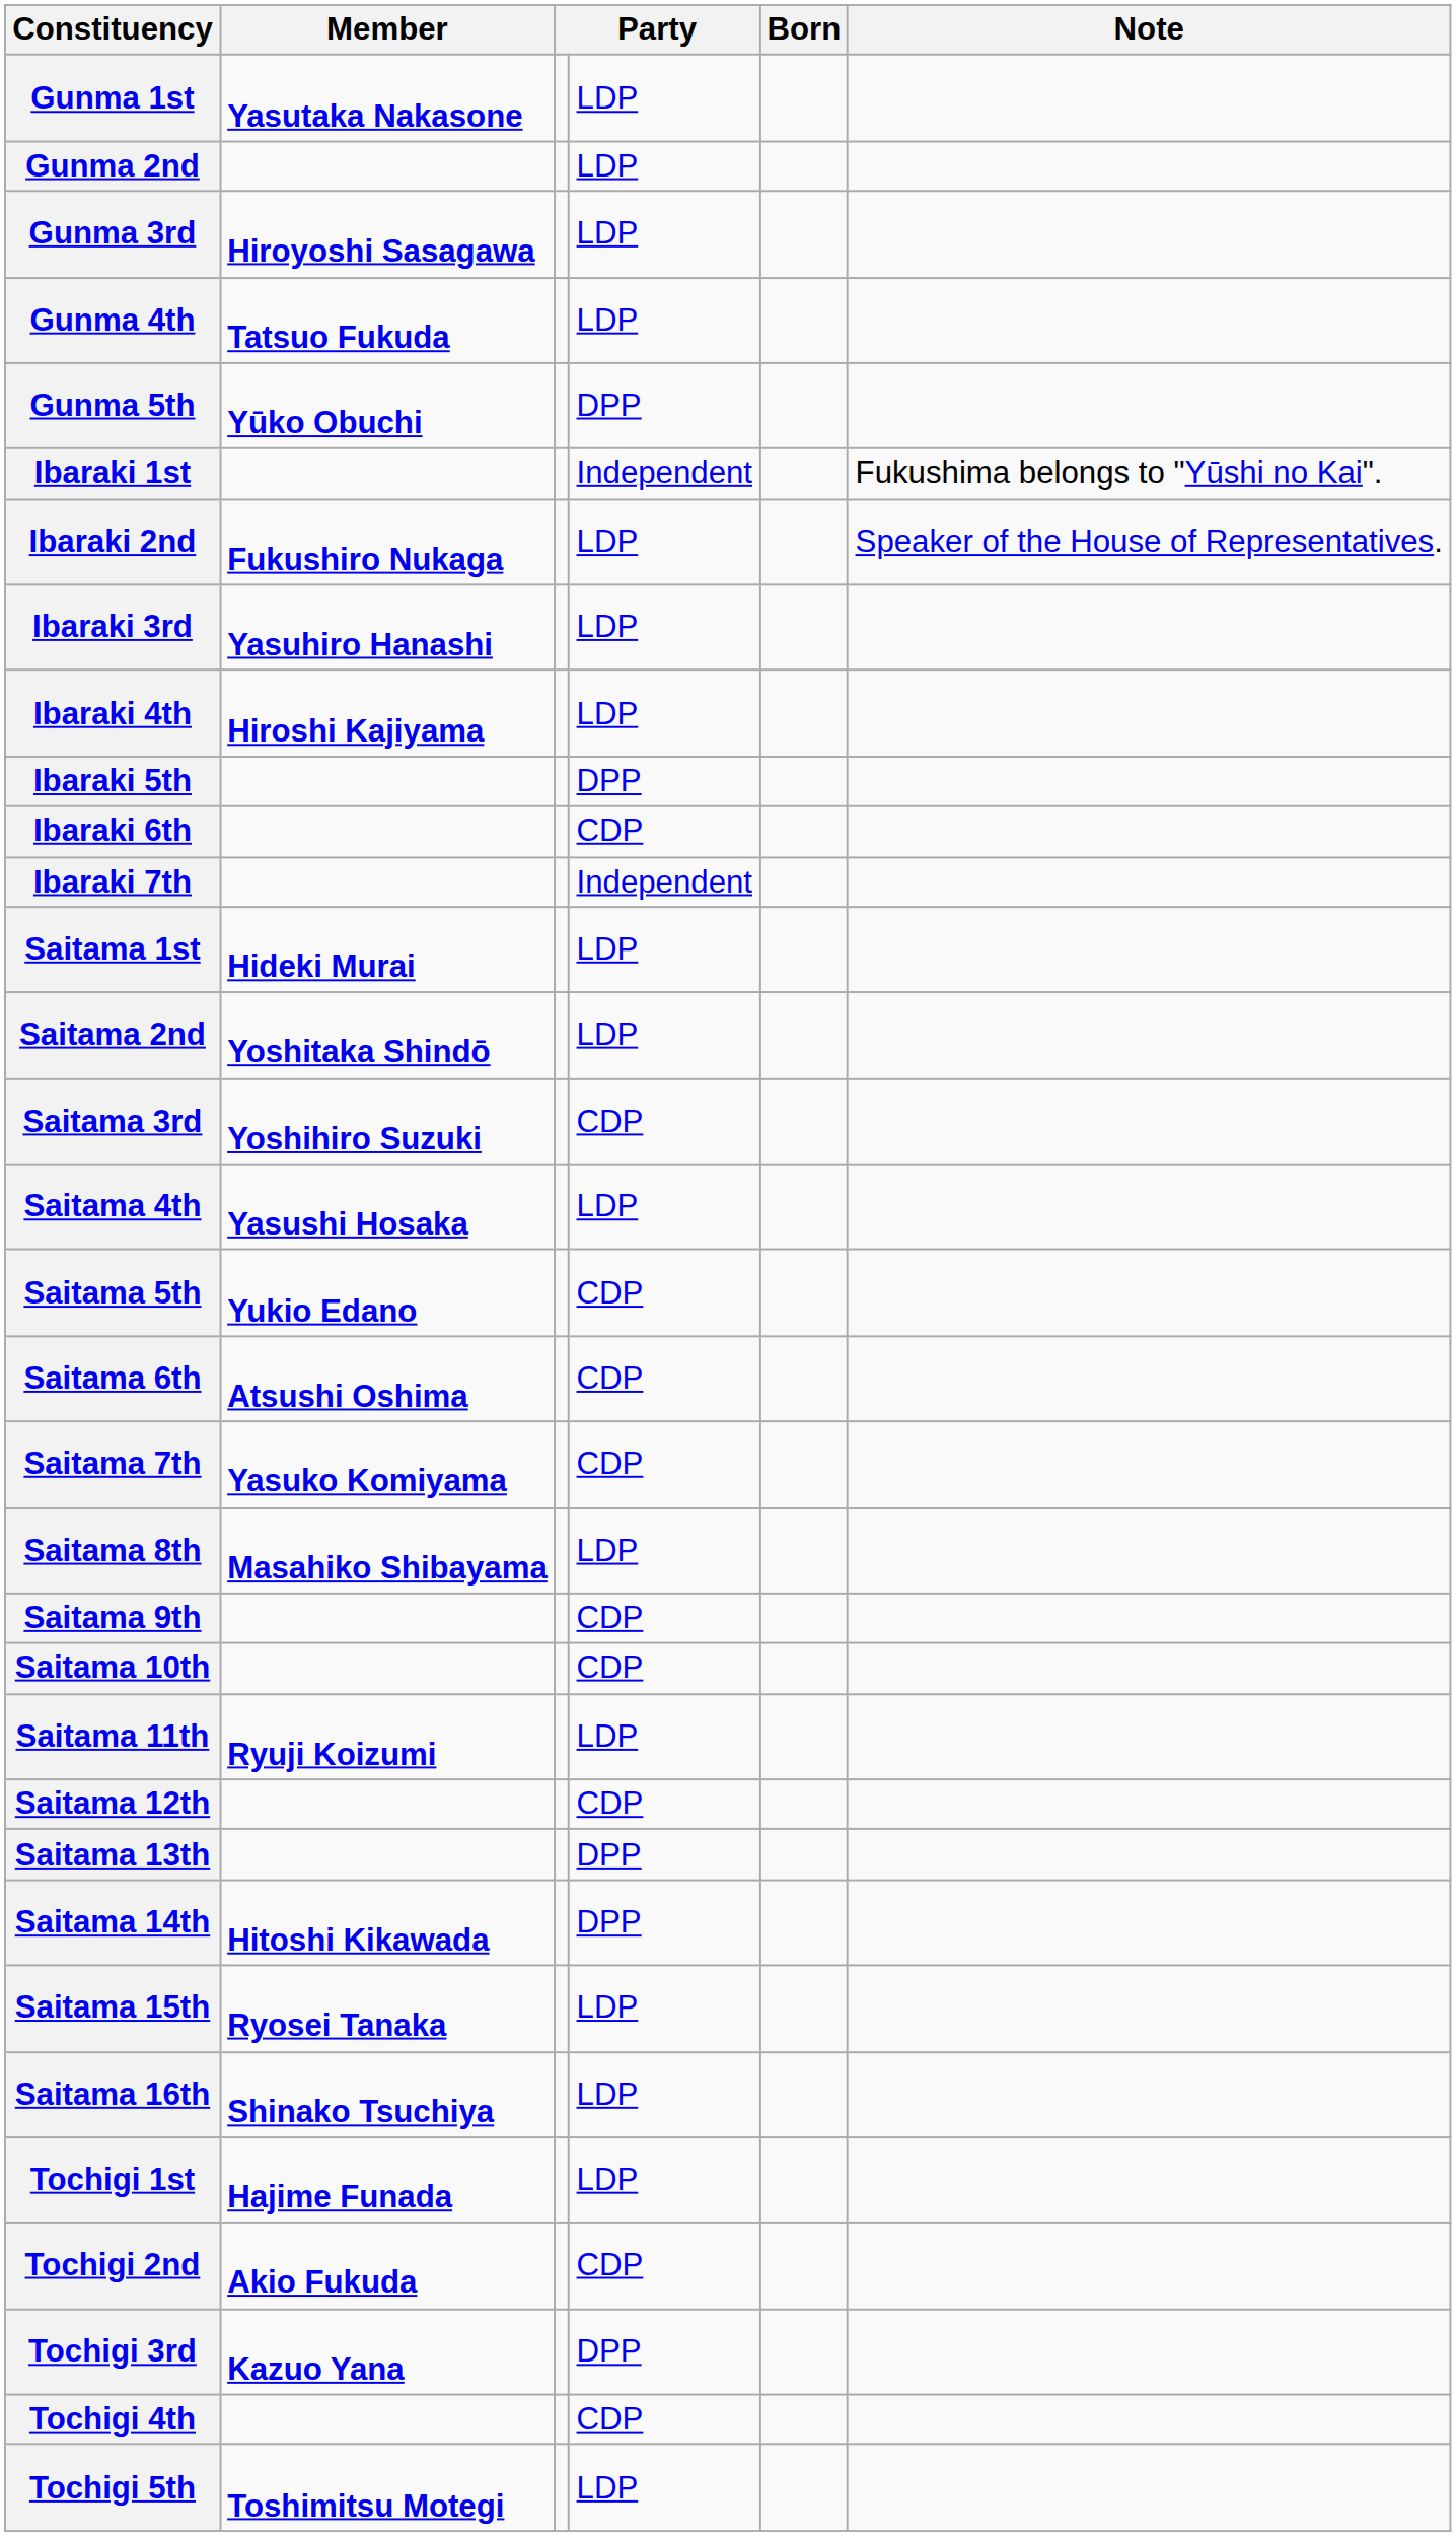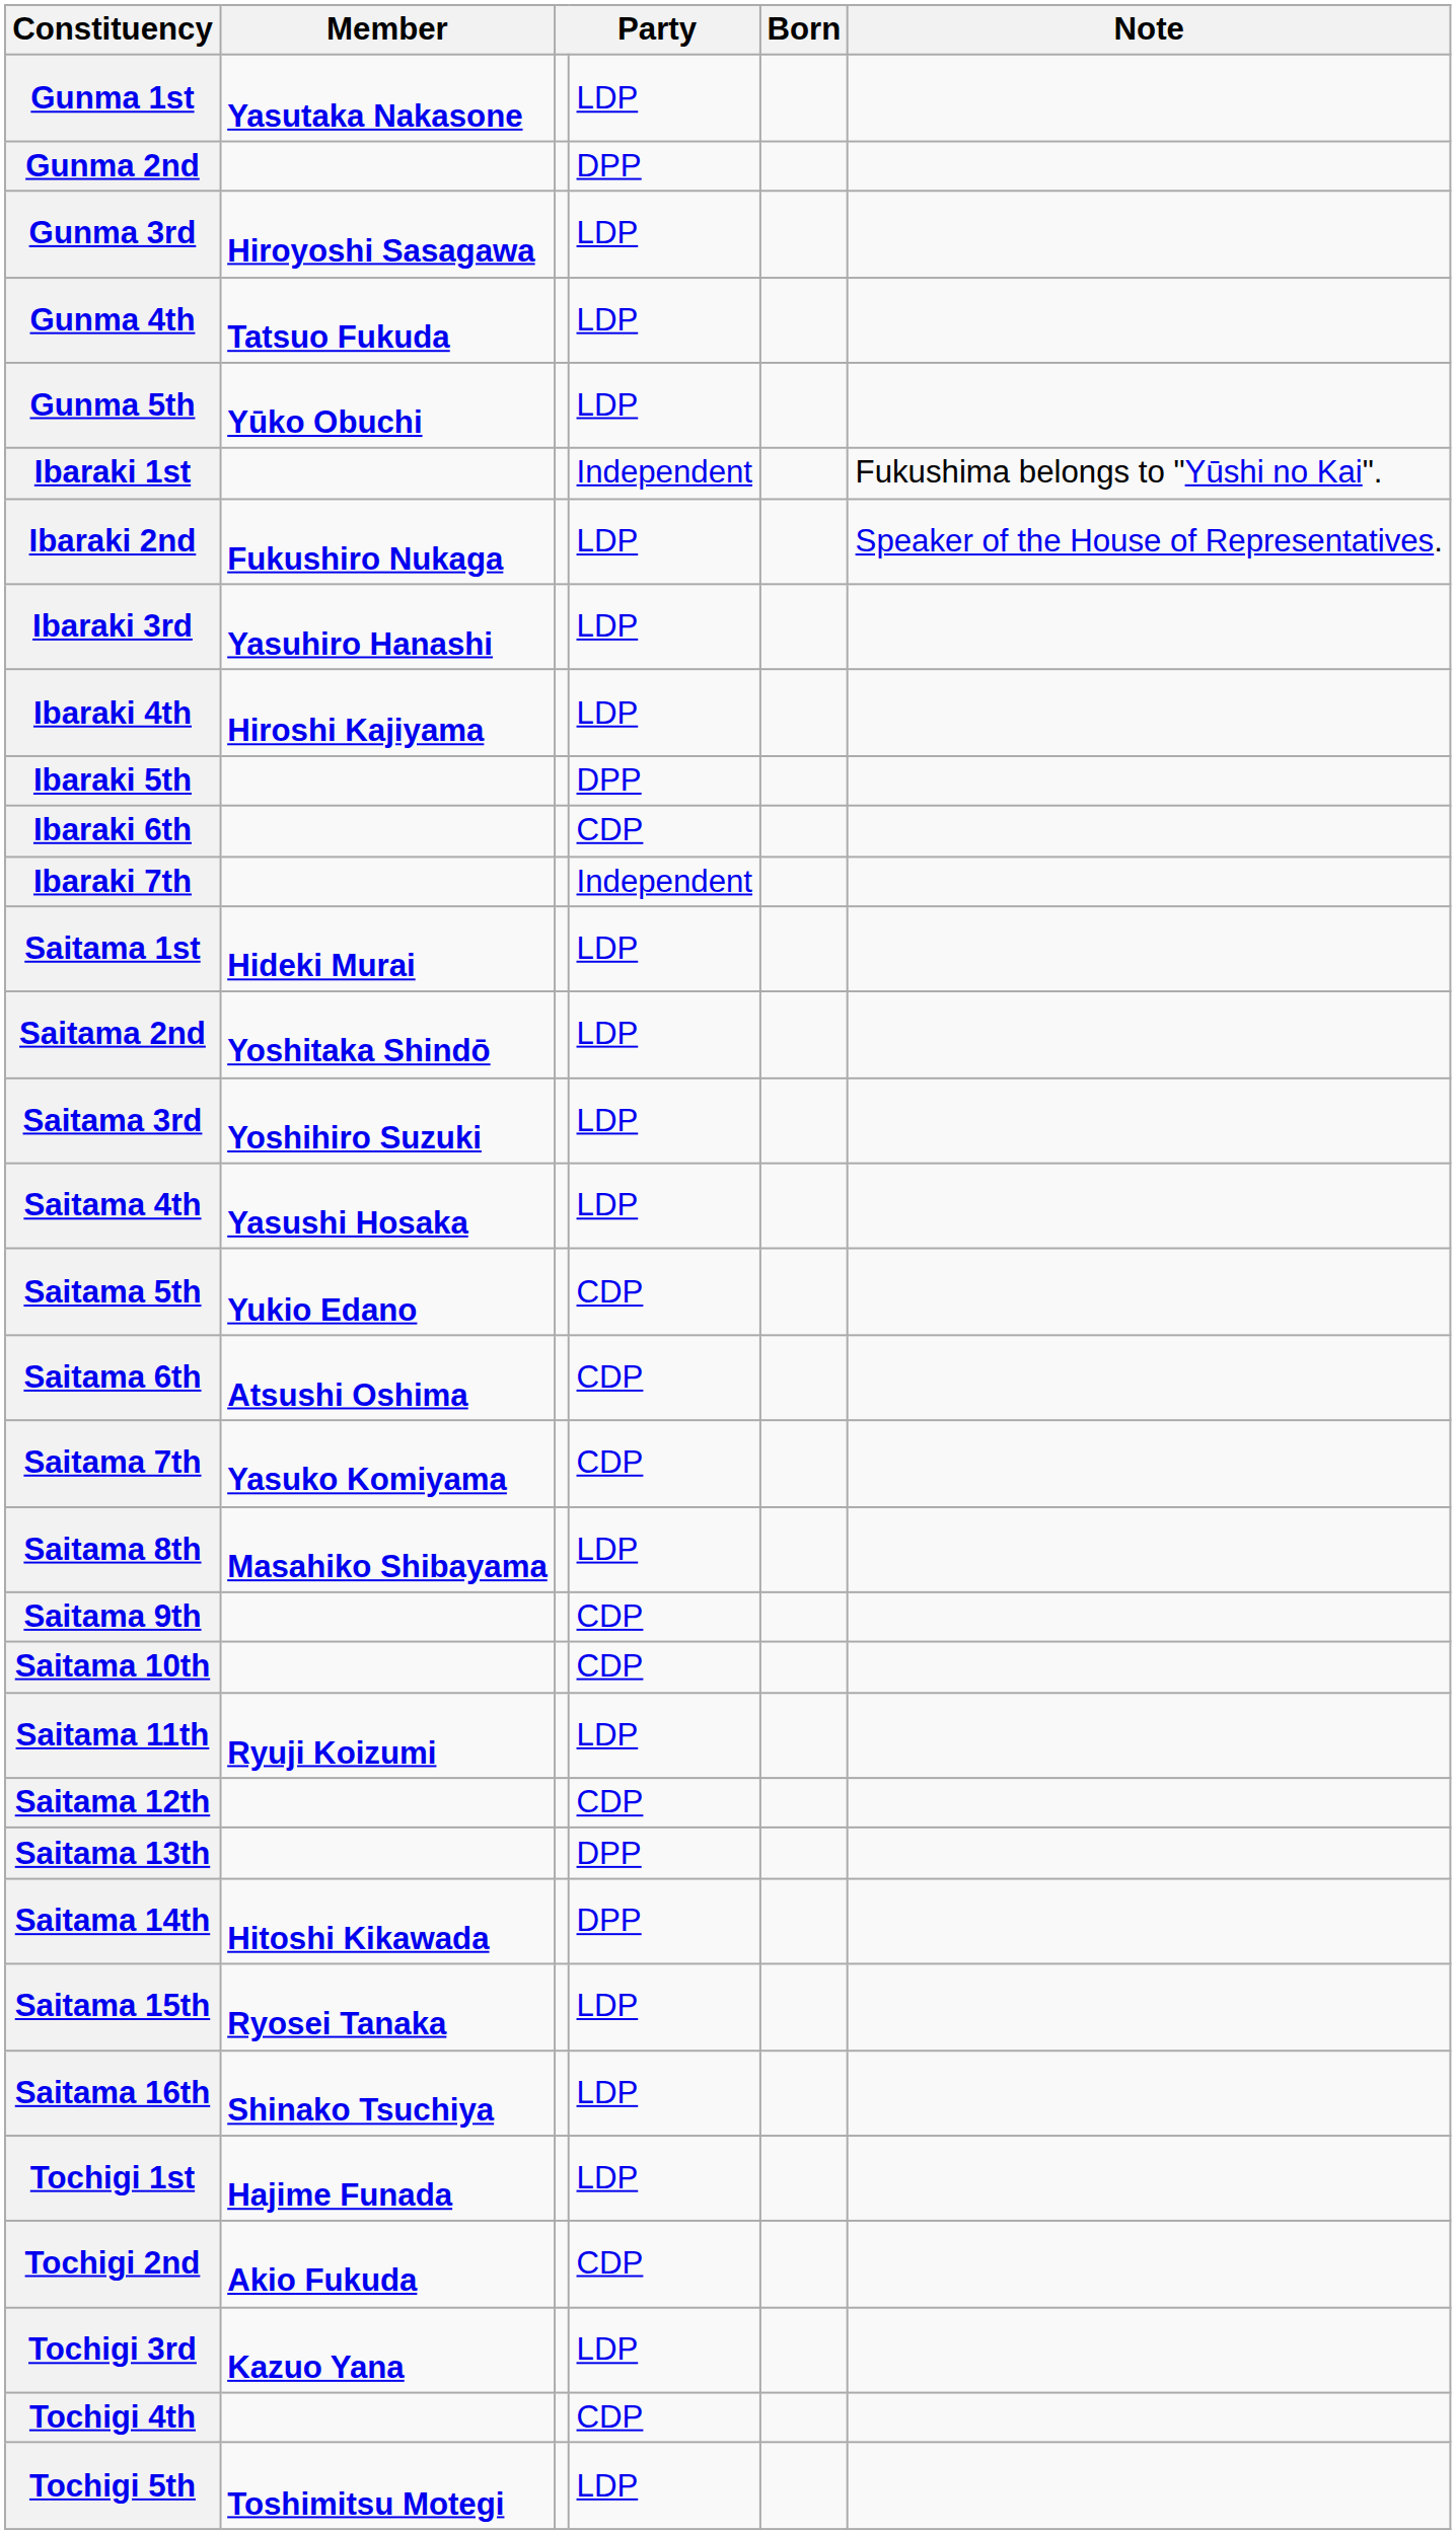 <table class="wikitable sortable plainrowheaders" id="votingmembers">
 <tr style="vertical-align:bottom">
 <th>Constituency</th>
 <th>Member</th>
 <th colspan=2>Party</th>
 <th>Born</th>
 <th>Note</th>
 </tr>
 <tr>
 <th><a href='#'>Gunma 1st</a></th>
 <td><br><strong><a href='#'>Yasutaka Nakasone</a></strong></td>
 <td style="background-color:"></td>
 <td><a href='#'>LDP</a></td>
 <td></td>
 <td></td>
 </tr>
 <tr>
 <th><a href='#'>Gunma 2nd</a></th>
 <td><br><strong></strong></td>
 <td style="background-color:"></td>
-<td><a href='#'>LDP</a></td>
+<td><a href='#'>DPP</a></td>
 <td></td>
 <td></td>
 </tr>
 <tr>
 <th><a href='#'>Gunma 3rd</a></th>
 <td><br><strong><a href='#'>Hiroyoshi Sasagawa</a></strong></td>
 <td style="background-color:"></td>
 <td><a href='#'>LDP</a></td>
 <td></td>
 <td></td>
 </tr>
 <tr>
 <th><a href='#'>Gunma 4th</a></th>
 <td><br><strong><a href='#'>Tatsuo Fukuda</a></strong></td>
 <td style="background-color:"></td>
 <td><a href='#'>LDP</a></td>
 <td></td>
 <td></td>
 </tr>
 <tr>
 <th><a href='#'>Gunma 5th</a></th>
 <td><br><strong><a href='#'>Yūko Obuchi</a></strong></td>
 <td style="background-color:"></td>
-<td><a href='#'>DPP</a></td>
+<td><a href='#'>LDP</a></td>
 <td></td>
 <td></td>
 </tr>
 <tr>
 <th><a href='#'>Ibaraki 1st</a></th>
 <td><br><strong></strong></td>
 <td style="background-color:"></td>
 <td><a href='#'>Independent</a></td>
 <td></td>
 <td>Fukushima belongs to "<a href='#'>Yūshi no Kai</a>".</td>
 </tr>
 <tr>
 <th><a href='#'>Ibaraki 2nd</a></th>
 <td><br><strong><a href='#'>Fukushiro Nukaga</a></strong></td>
 <td style="background-color:"></td>
 <td><a href='#'>LDP</a></td>
 <td></td>
 <td><a href='#'>Speaker of the House of Representatives</a>.</td>
 </tr>
 <tr>
 <th><a href='#'>Ibaraki 3rd</a></th>
 <td><br><strong><a href='#'>Yasuhiro Hanashi</a></strong></td>
 <td style="background-color:"></td>
 <td><a href='#'>LDP</a></td>
 <td></td>
 <td></td>
 </tr>
 <tr>
 <th><a href='#'>Ibaraki 4th</a></th>
 <td><br><strong><a href='#'>Hiroshi Kajiyama</a></strong></td>
 <td style="background-color:"></td>
 <td><a href='#'>LDP</a></td>
 <td></td>
 <td></td>
 </tr>
 <tr>
 <th><a href='#'>Ibaraki 5th</a></th>
 <td><br><strong></strong></td>
 <td style="background-color:"></td>
 <td><a href='#'>DPP</a></td>
 <td></td>
 <td></td>
 </tr>
 <tr>
 <th><a href='#'>Ibaraki 6th</a></th>
 <td><strong></strong></td>
 <td style="background-color:"></td>
 <td><a href='#'>CDP</a></td>
 <td></td>
 <td></td>
 </tr>
 <tr>
 <th><a href='#'>Ibaraki 7th</a></th>
 <td><strong></strong></td>
 <td style="background-color:"></td>
 <td><a href='#'>Independent</a></td>
 <td></td>
 <td></td>
 </tr>
 <tr>
 <th><a href='#'>Saitama 1st</a></th>
 <td><br><strong><a href='#'>Hideki Murai</a></strong></td>
 <td style="background-color:"></td>
 <td><a href='#'>LDP</a></td>
 <td></td>
 <td></td>
 </tr>
 <tr>
 <th><a href='#'>Saitama 2nd</a></th>
 <td><br><strong><a href='#'>Yoshitaka Shindō</a></strong></td>
 <td style="background-color:"></td>
 <td><a href='#'>LDP</a></td>
 <td></td>
 <td></td>
 </tr>
 <tr>
 <th><a href='#'>Saitama 3rd</a></th>
 <td><br><strong><a href='#'>Yoshihiro Suzuki</a></strong></td>
 <td style="background-color:"></td>
-<td><a href='#'>CDP</a></td>
+<td><a href='#'>LDP</a></td>
 <td></td>
 <td></td>
 </tr>
 <tr>
 <th><a href='#'>Saitama 4th</a></th>
 <td><br><strong><a href='#'>Yasushi Hosaka</a></strong></td>
 <td style="background-color:"></td>
 <td><a href='#'>LDP</a></td>
 <td></td>
 <td></td>
 </tr>
 <tr>
 <th><a href='#'>Saitama 5th</a></th>
 <td><br><strong><a href='#'>Yukio Edano</a></strong></td>
 <td style="background-color:"></td>
 <td><a href='#'>CDP</a></td>
 <td></td>
 <td></td>
 </tr>
 <tr>
 <th><a href='#'>Saitama 6th</a></th>
 <td><br><strong><a href='#'>Atsushi Oshima</a></strong></td>
 <td style="background-color:"></td>
 <td><a href='#'>CDP</a></td>
 <td></td>
 <td></td>
 </tr>
 <tr>
 <th><a href='#'>Saitama 7th</a></th>
 <td><br><strong><a href='#'>Yasuko Komiyama</a></strong></td>
 <td style="background-color:"></td>
 <td><a href='#'>CDP</a></td>
 <td></td>
 <td></td>
 </tr>
 <tr>
 <th><a href='#'>Saitama 8th</a></th>
 <td><br><strong><a href='#'>Masahiko Shibayama</a></strong></td>
 <td style="background-color:"></td>
 <td><a href='#'>LDP</a></td>
 <td></td>
 <td></td>
 </tr>
 <tr>
 <th><a href='#'>Saitama 9th</a></th>
 <td><strong></strong></td>
 <td style="background-color:"></td>
 <td><a href='#'>CDP</a></td>
 <td></td>
 <td></td>
 </tr>
 <tr>
 <th><a href='#'>Saitama 10th</a></th>
 <td><strong></strong></td>
 <td style="background-color:"></td>
 <td><a href='#'>CDP</a></td>
 <td></td>
 <td></td>
 </tr>
 <tr>
 <th><a href='#'>Saitama 11th</a></th>
 <td><br><strong><a href='#'>Ryuji Koizumi</a></strong></td>
 <td style="background-color:"></td>
 <td><a href='#'>LDP</a></td>
 <td></td>
 <td></td>
 </tr>
 <tr>
 <th><a href='#'>Saitama 12th</a></th>
 <td><strong></strong></td>
 <td style="background-color:"></td>
 <td><a href='#'>CDP</a></td>
 <td></td>
 <td></td>
 </tr>
 <tr>
 <th><a href='#'>Saitama 13th</a></th>
 <td><br><strong></strong></td>
 <td style="background-color:"></td>
 <td><a href='#'>DPP</a></td>
 <td></td>
 <td></td>
 </tr>
 <tr>
 <th><a href='#'>Saitama 14th</a></th>
 <td><br><strong><a href='#'>Hitoshi Kikawada</a></strong></td>
 <td style="background-color:"></td>
 <td><a href='#'>DPP</a></td>
 <td></td>
 <td></td>
 </tr>
 <tr>
 <th><a href='#'>Saitama 15th</a></th>
 <td><br><strong><a href='#'>Ryosei Tanaka</a></strong></td>
 <td style="background-color:"></td>
 <td><a href='#'>LDP</a></td>
 <td></td>
 <td></td>
 </tr>
 <tr>
 <th><a href='#'>Saitama 16th</a></th>
 <td><br><strong><a href='#'>Shinako Tsuchiya</a></strong></td>
 <td style="background-color:"></td>
 <td><a href='#'>LDP</a></td>
 <td></td>
 <td></td>
 </tr>
 <tr>
 <th><a href='#'>Tochigi 1st</a></th>
 <td><br><strong><a href='#'>Hajime Funada</a></strong></td>
 <td style="background-color:"></td>
 <td><a href='#'>LDP</a></td>
 <td></td>
 <td></td>
 </tr>
 <tr>
 <th><a href='#'>Tochigi 2nd</a></th>
 <td><br><strong><a href='#'>Akio Fukuda</a></strong></td>
 <td style="background-color:"></td>
 <td><a href='#'>CDP</a></td>
 <td></td>
 <td></td>
 </tr>
 <tr>
 <th><a href='#'>Tochigi 3rd</a></th>
 <td><br><strong><a href='#'>Kazuo Yana</a></strong></td>
 <td style="background-color:"></td>
-<td><a href='#'>DPP</a></td>
+<td><a href='#'>LDP</a></td>
 <td></td>
 <td></td>
 </tr>
 <tr>
 <th><a href='#'>Tochigi 4th</a></th>
 <td><strong></strong></td>
 <td style="background-color:"></td>
 <td><a href='#'>CDP</a></td>
 <td></td>
 <td></td>
 </tr>
 <tr>
 <th><a href='#'>Tochigi 5th</a></th>
 <td><br><strong><a href='#'>Toshimitsu Motegi</a></strong></td>
 <td style="background-color:"></td>
 <td><a href='#'>LDP</a></td>
 <td></td>
 <td></td>
 </tr>
 </table>
